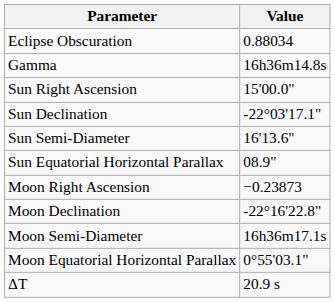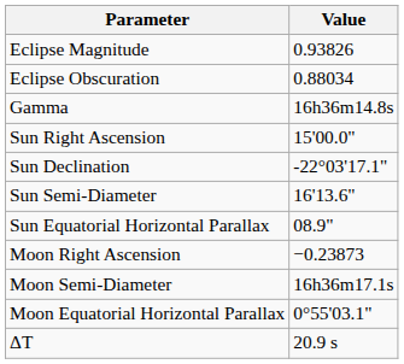 <table class="wikitable">
 <tr>
 <th>Parameter</th>
 <th>Value</th>
+</tr>
+<tr>
+<td>Eclipse Magnitude</td>
+<td>0.93826</td>
 </tr>
 <tr>
 <td>Eclipse Obscuration</td>
 <td>0.88034</td>
 </tr>
 <tr>
 <td>Gamma</td>
 <td>16h36m14.8s</td>
 </tr>
 <tr>
 <td>Sun Right Ascension</td>
 <td>15'00.0"</td>
 </tr>
 <tr>
 <td>Sun Declination</td>
 <td>-22°03'17.1"</td>
 </tr>
 <tr>
 <td>Sun Semi-Diameter</td>
 <td>16'13.6"</td>
 </tr>
 <tr>
 <td>Sun Equatorial Horizontal Parallax</td>
 <td>08.9"</td>
 </tr>
 <tr>
 <td>Moon Right Ascension</td>
 <td>−0.23873</td>
 </tr>
 <tr>
-<td>Moon Declination</td>
-<td>-22°16'22.8"</td>
-</tr>
-<tr>
 <td>Moon Semi-Diameter</td>
 <td>16h36m17.1s</td>
 </tr>
 <tr>
 <td>Moon Equatorial Horizontal Parallax</td>
 <td>0°55'03.1"</td>
 </tr>
 <tr>
 <td>ΔT</td>
 <td>20.9 s</td>
 </tr>
 </table>
